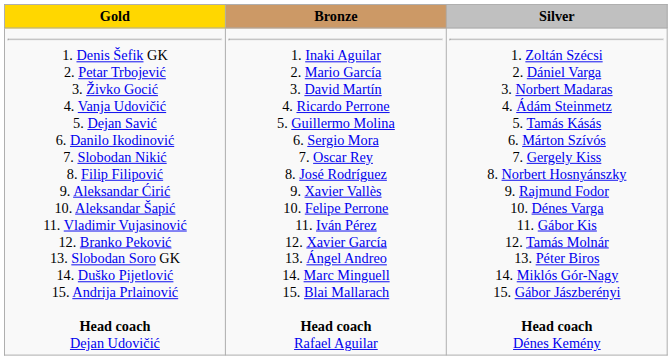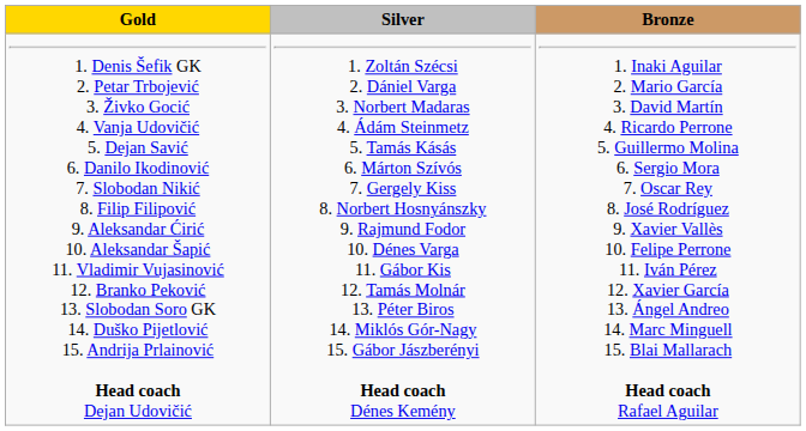 <table class="wikitable" style="font-size:95%;">
 <tr>
 <th style="width: 15em; background-color:gold">Gold</th>
+<th style="width: 15em; background-color:silver">Silver</th>
 <th style="width: 15em; background-color:#CC9966">Bronze</th>
-<th style="width: 15em; background-color:silver">Silver</th>
 </tr>
 <tr valign="top">
 <td style="text-align:center;"><strong></strong><hr>1. <a href='#'>Denis Šefik</a> GK<br>2. <a href='#'>Petar Trbojević</a><br>3. <a href='#'>Živko Gocić</a><br>4. <a href='#'>Vanja Udovičić</a><br>5. <a href='#'>Dejan Savić</a><br>6. <a href='#'>Danilo Ikodinović</a><br>7. <a href='#'>Slobodan Nikić</a><br>8. <a href='#'>Filip Filipović</a><br>9. <a href='#'>Aleksandar Ćirić</a><br>10. <a href='#'>Aleksandar Šapić</a><br>11. <a href='#'>Vladimir Vujasinović</a><br>12. <a href='#'>Branko Peković</a><br>13. <a href='#'>Slobodan Soro</a> GK<br>14. <a href='#'>Duško Pijetlović</a><br>15. <a href='#'>Andrija Prlainović</a><br><br><strong>Head coach</strong><br><a href='#'>Dejan Udovičić</a></td>
+<td style="text-align:center;"><strong></strong><hr>1. <a href='#'>Zoltán Szécsi</a><br>2. <a href='#'>Dániel Varga</a><br>3. <a href='#'>Norbert Madaras</a><br>4. <a href='#'>Ádám Steinmetz</a><br>5. <a href='#'>Tamás Kásás</a><br>6. <a href='#'>Márton Szívós</a><br>7. <a href='#'>Gergely Kiss</a><br>8. <a href='#'>Norbert Hosnyánszky</a><br>9. <a href='#'>Rajmund Fodor</a><br>10. <a href='#'>Dénes Varga</a><br>11. <a href='#'>Gábor Kis</a><br>12. <a href='#'>Tamás Molnár</a><br>13. <a href='#'>Péter Biros</a><br>14. <a href='#'>Miklós Gór-Nagy</a><br>15. <a href='#'>Gábor Jászberényi</a><br><br><strong>Head coach</strong><br><a href='#'>Dénes Kemény</a></td>
 <td style="text-align:center;"><strong></strong><hr>1. <a href='#'>Inaki Aguilar</a><br>2. <a href='#'>Mario García</a><br>3. <a href='#'>David Martín</a><br>4. <a href='#'>Ricardo Perrone</a><br>5. <a href='#'>Guillermo Molina</a><br>6. <a href='#'>Sergio Mora</a><br>7. <a href='#'>Oscar Rey</a><br>8. <a href='#'>José Rodríguez</a><br>9. <a href='#'>Xavier Vallès</a><br>10. <a href='#'>Felipe Perrone</a><br>11. <a href='#'>Iván Pérez</a><br>12. <a href='#'>Xavier García</a><br>13. <a href='#'>Ángel Andreo</a><br>14. <a href='#'>Marc Minguell</a><br>15. <a href='#'>Blai Mallarach</a><br><br><strong>Head coach</strong><br><a href='#'>Rafael Aguilar</a></td>
-<td style="text-align:center;"><strong></strong><hr>1. <a href='#'>Zoltán Szécsi</a><br>2. <a href='#'>Dániel Varga</a><br>3. <a href='#'>Norbert Madaras</a><br>4. <a href='#'>Ádám Steinmetz</a><br>5. <a href='#'>Tamás Kásás</a><br>6. <a href='#'>Márton Szívós</a><br>7. <a href='#'>Gergely Kiss</a><br>8. <a href='#'>Norbert Hosnyánszky</a><br>9. <a href='#'>Rajmund Fodor</a><br>10. <a href='#'>Dénes Varga</a><br>11. <a href='#'>Gábor Kis</a><br>12. <a href='#'>Tamás Molnár</a><br>13. <a href='#'>Péter Biros</a><br>14. <a href='#'>Miklós Gór-Nagy</a><br>15. <a href='#'>Gábor Jászberényi</a><br><br><strong>Head coach</strong><br><a href='#'>Dénes Kemény</a></td>
 </tr>
 </table>
